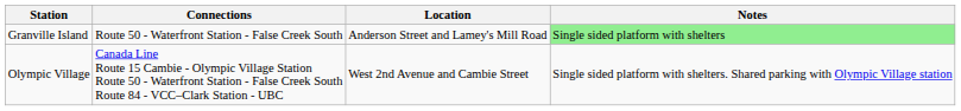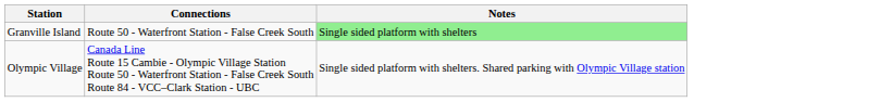 <table class="wikitable">
 <tr>
 <th>Station</th>
 <th>Connections</th>
-<th>Location</th>
 <th>Notes</th>
 </tr>
 <tr>
 <td>Granville Island</td>
 <td>Route 50 - Waterfront Station - False Creek South</td>
-<td>Anderson Street and Lamey's Mill Road</td>
 <td style="background: lightgreen;">Single sided platform with shelters</td>
 </tr>
 <tr>
 <td>Olympic Village</td>
 <td><a href='#'>Canada Line</a>  <br>Route 15 Cambie - Olympic Village Station<br>Route 50 - Waterfront Station - False Creek South<br>Route 84 - VCC–Clark Station - UBC</td>
-<td>West 2nd Avenue and Cambie Street</td>
 <td>Single sided platform with shelters. Shared parking with <a href='#'>Olympic Village station</a></td>
 </tr>
 </table>
